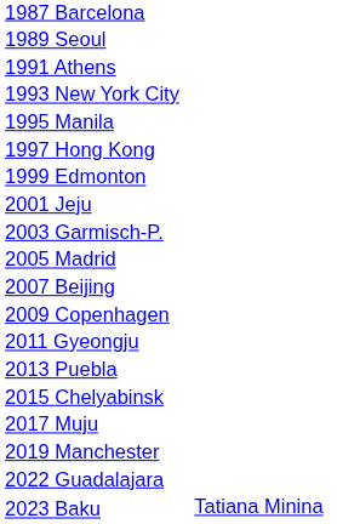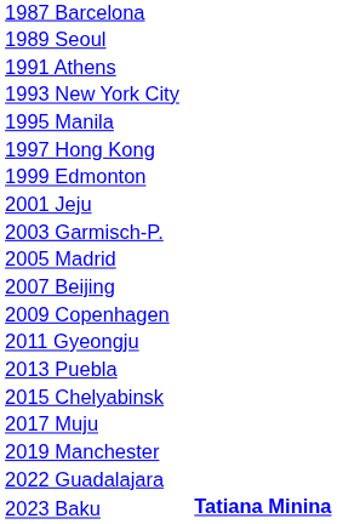 <table>
 <tr>
 <td rowspan=2><a href='#'>1987 Barcelona</a></td>
 <td rowspan=2></td>
 <td rowspan=2></td>
 <td></td>
 </tr>
 <tr>
 <td></td>
 </tr>
 <tr>
 <td rowspan=2><a href='#'>1989 Seoul</a></td>
 <td rowspan=2></td>
 <td rowspan=2></td>
 <td></td>
 </tr>
 <tr>
 <td></td>
 </tr>
 <tr>
 <td rowspan=2><a href='#'>1991 Athens</a></td>
 <td rowspan=2></td>
 <td rowspan=2></td>
 <td></td>
 </tr>
 <tr>
 <td></td>
 </tr>
 <tr>
 <td rowspan=2><a href='#'>1993 New York City</a></td>
 <td rowspan=2></td>
 <td rowspan=2></td>
 <td></td>
 </tr>
 <tr>
 <td></td>
 </tr>
 <tr>
 <td rowspan=2><a href='#'>1995 Manila</a></td>
 <td rowspan=2></td>
 <td rowspan=2></td>
 <td></td>
 </tr>
 <tr>
 <td></td>
 </tr>
 <tr>
 <td rowspan=2><a href='#'>1997 Hong Kong</a></td>
 <td rowspan=2></td>
 <td rowspan=2></td>
 <td></td>
 </tr>
 <tr>
 <td></td>
 </tr>
 <tr>
 <td rowspan=2><a href='#'>1999 Edmonton</a></td>
 <td rowspan=2></td>
 <td rowspan=2></td>
 <td></td>
 </tr>
 <tr>
 <td></td>
 </tr>
 <tr>
 <td rowspan=2><a href='#'>2001 Jeju</a></td>
 <td rowspan=2></td>
 <td rowspan=2></td>
 <td></td>
 </tr>
 <tr>
 <td></td>
 </tr>
 <tr>
 <td rowspan=2><a href='#'>2003 Garmisch-P.</a></td>
 <td rowspan=2></td>
 <td rowspan=2></td>
 <td></td>
 </tr>
 <tr>
 <td></td>
 </tr>
 <tr>
 <td rowspan=2><a href='#'>2005 Madrid</a></td>
 <td rowspan=2></td>
 <td rowspan=2></td>
 <td></td>
 </tr>
 <tr>
 <td></td>
 </tr>
 <tr>
 <td rowspan=2><a href='#'>2007 Beijing</a></td>
 <td rowspan=2></td>
 <td rowspan=2></td>
 <td></td>
 </tr>
 <tr>
 <td></td>
 </tr>
 <tr>
 <td rowspan=2><a href='#'>2009 Copenhagen</a></td>
 <td rowspan=2></td>
 <td rowspan=2></td>
 <td></td>
 </tr>
 <tr>
 <td></td>
 </tr>
 <tr>
 <td rowspan=2><a href='#'>2011 Gyeongju</a></td>
 <td rowspan=2></td>
 <td rowspan=2></td>
 <td></td>
 </tr>
 <tr>
 <td></td>
 </tr>
 <tr>
 <td rowspan=2><a href='#'>2013 Puebla</a></td>
 <td rowspan=2></td>
 <td rowspan=2></td>
 <td></td>
 </tr>
 <tr>
 <td></td>
 </tr>
 <tr>
 <td rowspan=2><a href='#'>2015 Chelyabinsk</a></td>
 <td rowspan=2></td>
 <td rowspan=2></td>
 <td></td>
 </tr>
 <tr>
 <td></td>
 </tr>
 <tr>
 <td rowspan=2><a href='#'>2017 Muju</a></td>
 <td rowspan=2></td>
 <td rowspan=2></td>
 <td></td>
 </tr>
 <tr>
 <td></td>
 </tr>
 <tr>
 <td rowspan=2><a href='#'>2019 Manchester</a></td>
 <td rowspan=2></td>
 <td rowspan=2></td>
 <td></td>
 </tr>
 <tr>
 <td></td>
 </tr>
 <tr>
 <td rowspan=2><a href='#'>2022 Guadalajara</a></td>
 <td rowspan=2></td>
 <td rowspan=2></td>
 <td></td>
 </tr>
 <tr>
 <td></td>
 </tr>
 <tr>
 <td rowspan=2><a href='#'>2023 Baku</a></td>
 <td rowspan=2></td>
 <td rowspan=2></td>
-<td> <a href='#'>Tatiana Minina</a> </td>
+<td><strong> <a href='#'>Tatiana Minina</a> </strong></td>
 </tr>
 <tr>
 <td></td>
 </tr>
 </table>
